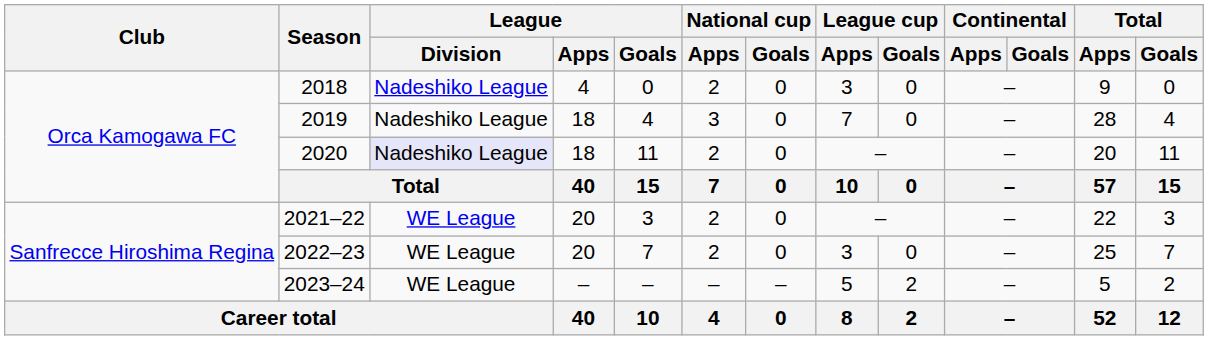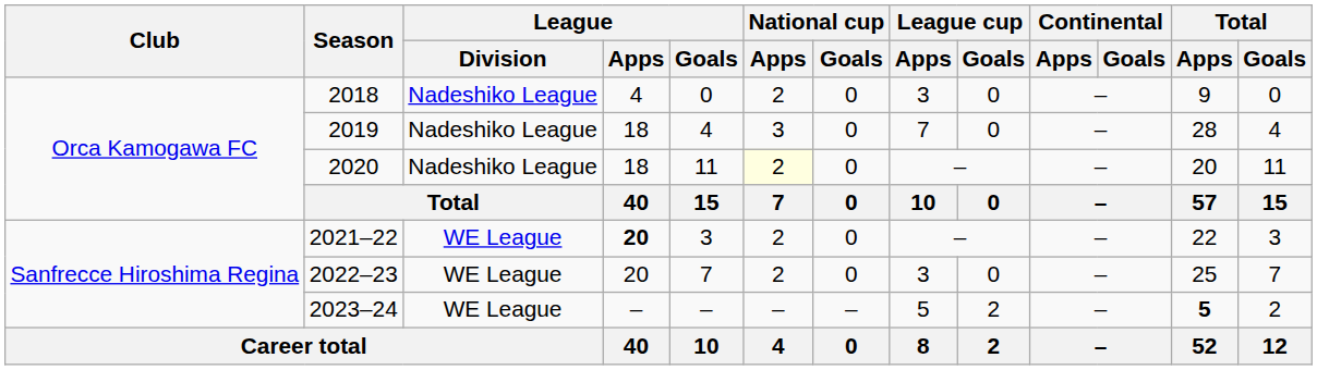 <table class="wikitable" style="text-align:center">
 <tr>
 <th rowspan="2">Club</th>
 <th rowspan="2">Season</th>
 <th colspan="3">League</th>
 <th colspan="2">National cup</th>
 <th colspan="2">League cup</th>
 <th colspan="2">Continental</th>
 <th colspan="2">Total</th>
 </tr>
 <tr>
 <th>Division</th>
 <th>Apps</th>
 <th>Goals</th>
 <th>Apps</th>
 <th>Goals</th>
 <th>Apps</th>
 <th>Goals</th>
 <th>Apps</th>
 <th>Goals</th>
 <th>Apps</th>
 <th>Goals</th>
 </tr>
 <tr>
 <td rowspan="4"><a href='#'>Orca Kamogawa FC</a></td>
 <td>2018</td>
 <td><a href='#'>Nadeshiko League</a></td>
 <td>4</td>
 <td>0</td>
 <td>2</td>
 <td>0</td>
 <td>3</td>
 <td>0</td>
 <td colspan="2">–</td>
 <td>9</td>
 <td>0</td>
 </tr>
 <tr>
 <td>2019</td>
 <td>Nadeshiko League</td>
 <td>18</td>
 <td>4</td>
 <td>3</td>
 <td>0</td>
 <td>7</td>
 <td>0</td>
 <td colspan="2">–</td>
 <td>28</td>
 <td>4</td>
 </tr>
 <tr>
 <td>2020</td>
-<td style="background: lavender;">Nadeshiko League</td>
+<td>Nadeshiko League</td>
 <td>18</td>
 <td>11</td>
-<td>2</td>
+<td style="background: lightyellow;">2</td>
 <td>0</td>
 <td colspan="2">–</td>
 <td colspan="2">–</td>
 <td>20</td>
 <td>11</td>
 </tr>
 <tr>
 <th colspan="2">Total</th>
 <th>40</th>
 <th>15</th>
 <th>7</th>
 <th>0</th>
 <th>10</th>
 <th>0</th>
 <th colspan="2">–</th>
 <th>57</th>
 <th>15</th>
 </tr>
 <tr>
 <td rowspan="3"><a href='#'>Sanfrecce Hiroshima Regina</a></td>
 <td>2021–22</td>
 <td><a href='#'>WE League</a></td>
-<td>20</td>
+<td><strong>20</strong></td>
 <td>3</td>
 <td>2</td>
 <td>0</td>
 <td colspan="2">–</td>
 <td colspan="2">–</td>
 <td>22</td>
 <td>3</td>
 </tr>
 <tr>
 <td>2022–23</td>
 <td>WE League</td>
 <td>20</td>
 <td>7</td>
 <td>2</td>
 <td>0</td>
 <td>3</td>
 <td>0</td>
 <td colspan="2">–</td>
 <td>25</td>
 <td>7</td>
 </tr>
 <tr>
 <td>2023–24</td>
 <td>WE League</td>
 <td>–</td>
 <td>–</td>
 <td>–</td>
 <td>–</td>
 <td>5</td>
 <td>2</td>
 <td colspan="2">–</td>
-<td>5</td>
+<td><strong>5</strong></td>
 <td>2</td>
 </tr>
 <tr>
 <th colspan="3">Career total</th>
 <th>40</th>
 <th>10</th>
 <th>4</th>
 <th>0</th>
 <th>8</th>
 <th>2</th>
 <th colspan="2">–</th>
 <th>52</th>
 <th>12</th>
 </tr>
 </table>
